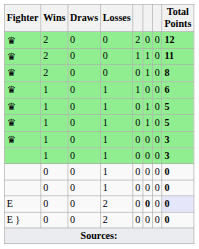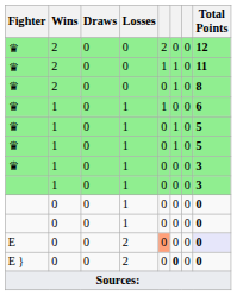 <table class="wikitable sortable">
 <tr>
 <th>Fighter</th>
 <th>Wins</th>
 <th>Draws</th>
 <th>Losses</th>
 <th></th>
 <th></th>
 <th></th>
 <th>Total<br> Points</th>
 </tr>
 <tr>
 <td style="background:#90EE90;">♛  </td>
 <td style="background:#90EE90;">2</td>
 <td style="background:#90EE90;">0</td>
 <td style="background:#90EE90;">0</td>
 <td style="background:#90EE90;">2</td>
 <td style="background:#90EE90;">0</td>
 <td style="background:#90EE90;">0</td>
 <td style="background:#90EE90;"><strong>12</strong></td>
 </tr>
 <tr>
 <td style="background:#90EE90;">♛   </td>
 <td style="background:#90EE90;">2</td>
 <td style="background:#90EE90;">0</td>
 <td style="background:#90EE90;">0</td>
 <td style="background:#90EE90;">1</td>
 <td style="background:#90EE90;">1</td>
 <td style="background:#90EE90;">0</td>
 <td style="background:#90EE90;"><strong>11</strong></td>
 </tr>
 <tr>
 <td style="background:#90EE90;">♛ </td>
 <td style="background:#90EE90;">2</td>
 <td style="background:#90EE90;">0</td>
 <td style="background:#90EE90;">0</td>
 <td style="background:#90EE90;">0</td>
 <td style="background:#90EE90;">1</td>
 <td style="background:#90EE90;">0</td>
 <td style="background:#90EE90;"><strong>8</strong></td>
 </tr>
 <tr>
 <td style="background:#90EE90;">♛   </td>
 <td style="background:#90EE90;">1</td>
 <td style="background:#90EE90;">0</td>
 <td style="background:#90EE90;">1</td>
 <td style="background:#90EE90;">1</td>
 <td style="background:#90EE90;">0</td>
 <td style="background:#90EE90;">0</td>
 <td style="background:#90EE90;"><strong>6</strong></td>
 </tr>
 <tr>
 <td style="background:#90EE90;">♛  </td>
 <td style="background:#90EE90;">1</td>
 <td style="background:#90EE90;">0</td>
 <td style="background:#90EE90;">1</td>
 <td style="background:#90EE90;">0</td>
 <td style="background:#90EE90;">1</td>
 <td style="background:#90EE90;">0</td>
 <td style="background:#90EE90;"><strong>5</strong></td>
 </tr>
 <tr>
 <td style="background:#90EE90;">♛   </td>
 <td style="background:#90EE90;">1</td>
 <td style="background:#90EE90;">0</td>
 <td style="background:#90EE90;">1</td>
 <td style="background:#90EE90;">0</td>
 <td style="background:#90EE90;">1</td>
 <td style="background:#90EE90;">0</td>
 <td style="background:#90EE90;"><strong>5</strong></td>
 </tr>
 <tr>
 <td style="background:#90EE90;">♛  </td>
 <td style="background:#90EE90;">1</td>
 <td style="background:#90EE90;">0</td>
 <td style="background:#90EE90;">1</td>
 <td style="background:#90EE90;">0</td>
 <td style="background:#90EE90;">0</td>
 <td style="background:#90EE90;">0</td>
 <td style="background:#90EE90;"><strong>3</strong></td>
 </tr>
 <tr>
 <td style="background:#90EE90;"></td>
 <td style="background:#90EE90;">1</td>
 <td style="background:#90EE90;">0</td>
 <td style="background:#90EE90;">1</td>
 <td style="background:#90EE90;">0</td>
 <td style="background:#90EE90;">0</td>
 <td style="background:#90EE90;">0</td>
 <td style="background:#90EE90;"><strong>3</strong></td>
 </tr>
 <tr>
 <td></td>
 <td>0</td>
 <td>0</td>
 <td>1</td>
 <td>0</td>
 <td>0</td>
 <td>0</td>
 <td><strong>0</strong></td>
 </tr>
 <tr>
 <td></td>
 <td>0</td>
 <td>0</td>
 <td>1</td>
 <td>0</td>
 <td>0</td>
 <td>0</td>
 <td><strong>0</strong></td>
 </tr>
 <tr>
 <td>E  </td>
 <td>0</td>
 <td>0</td>
 <td>2</td>
+<td style="background: lightsalmon;">0</td>
 <td>0</td>
-<td><strong>0</strong></td>
 <td>0</td>
 <td style="background: lavender;"><strong>0</strong></td>
 </tr>
 <tr>
 <td>E  } </td>
 <td>0</td>
 <td>0</td>
 <td>2</td>
 <td>0</td>
-<td>0</td>
+<td><strong>0</strong></td>
 <td>0</td>
 <td><strong>0</strong></td>
 </tr>
 <tr>
 <td colspan="9" style="background-color:#EAECF0; text-align:center"><strong>Sources:</strong></td>
 </tr>
 </table>
